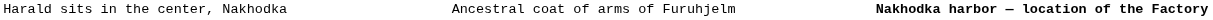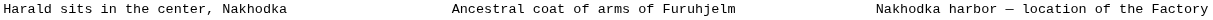 <table class="graytable" style="text-align:center">
 <tr>
 <td width="25%"></td>
 <td width="25%"></td>
 <td width="25%"></td>
 </tr>
 <tr>
 <td>Harald sits in the center, Nakhodka</td>
 <td>Ancestral coat of arms of Furuhjelm</td>
-<td><strong>Nakhodka harbor — location of the Factory</strong></td>
+<td>Nakhodka harbor — location of the Factory</td>
 </tr>
 </table>
